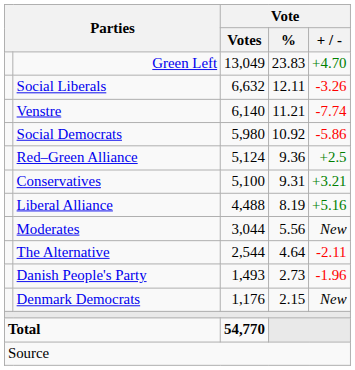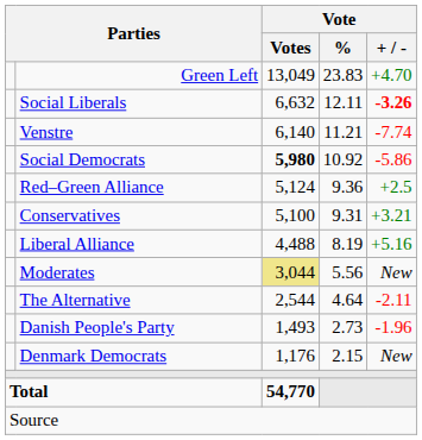 <table class="wikitable" style="text-align:right;">
 <tr>
 <th style="text-align:centre;" rowspan="2" colspan="2" width="225">Parties</th>
 <th colspan="3">Vote</th>
 </tr>
 <tr>
 <th width="15">Votes</th>
 <th width="15">%</th>
 <th width="15">+ / -</th>
 </tr>
 <tr>
 <td width=2 bgcolor=></td>
 <td><a href='#'>Green Left</a></td>
 <td>13,049</td>
 <td>23.83</td>
 <td style=color:green;>+4.70</td>
 </tr>
 <tr>
 <td width=2 bgcolor=></td>
 <td align=left><a href='#'>Social Liberals</a></td>
 <td>6,632</td>
 <td>12.11</td>
-<td style=color:red;>-3.26</td>
+<td style=color:red;><strong>-3.26</strong></td>
 </tr>
 <tr>
 <td width=2 bgcolor=></td>
 <td align=left><a href='#'>Venstre</a></td>
 <td>6,140</td>
 <td>11.21</td>
 <td style=color:red;>-7.74</td>
 </tr>
 <tr>
 <td width=2 bgcolor=></td>
 <td align=left><a href='#'>Social Democrats</a></td>
-<td>5,980</td>
+<td><strong>5,980</strong></td>
 <td>10.92</td>
 <td style=color:red;>-5.86</td>
 </tr>
 <tr>
 <td width=2 bgcolor=></td>
 <td align=left><a href='#'>Red–Green Alliance</a></td>
 <td>5,124</td>
 <td>9.36</td>
 <td style=color:green;>+2.5</td>
 </tr>
 <tr>
 <td width=2 bgcolor=></td>
 <td align=left><a href='#'>Conservatives</a></td>
 <td>5,100</td>
 <td>9.31</td>
 <td style=color:green;>+3.21</td>
 </tr>
 <tr>
 <td width=2 bgcolor=></td>
 <td align=left><a href='#'>Liberal Alliance</a></td>
 <td>4,488</td>
 <td>8.19</td>
 <td style=color:green;>+5.16</td>
 </tr>
 <tr>
 <td width=2 bgcolor=></td>
 <td align=left><a href='#'>Moderates</a></td>
-<td>3,044</td>
+<td style="background: khaki;">3,044</td>
 <td>5.56</td>
 <td><em>New</em></td>
 </tr>
 <tr>
 <td width=2 bgcolor=></td>
 <td align=left><a href='#'>The Alternative</a></td>
 <td>2,544</td>
 <td>4.64</td>
 <td style=color:red;>-2.11</td>
 </tr>
 <tr>
 <td width=2 bgcolor=></td>
 <td align=left><a href='#'>Danish People's Party</a></td>
 <td>1,493</td>
 <td>2.73</td>
 <td style=color:red;>-1.96</td>
 </tr>
 <tr>
 <td width=2 bgcolor=></td>
 <td align=left><a href='#'>Denmark Democrats</a></td>
 <td>1,176</td>
 <td>2.15</td>
 <td><em>New</em></td>
 </tr>
 <tr>
 <td colspan="7" bgcolor="#E9E9E9"></td>
 </tr>
 <tr>
 <td align="left" colspan="2"><strong>Total</strong></td>
 <td><strong>54,770</strong></td>
 <td bgcolor=#E9E9E9 colspan=2></td>
 </tr>
 <tr>
 <td align="left" colspan="6">Source</td>
 </tr>
 </table>
